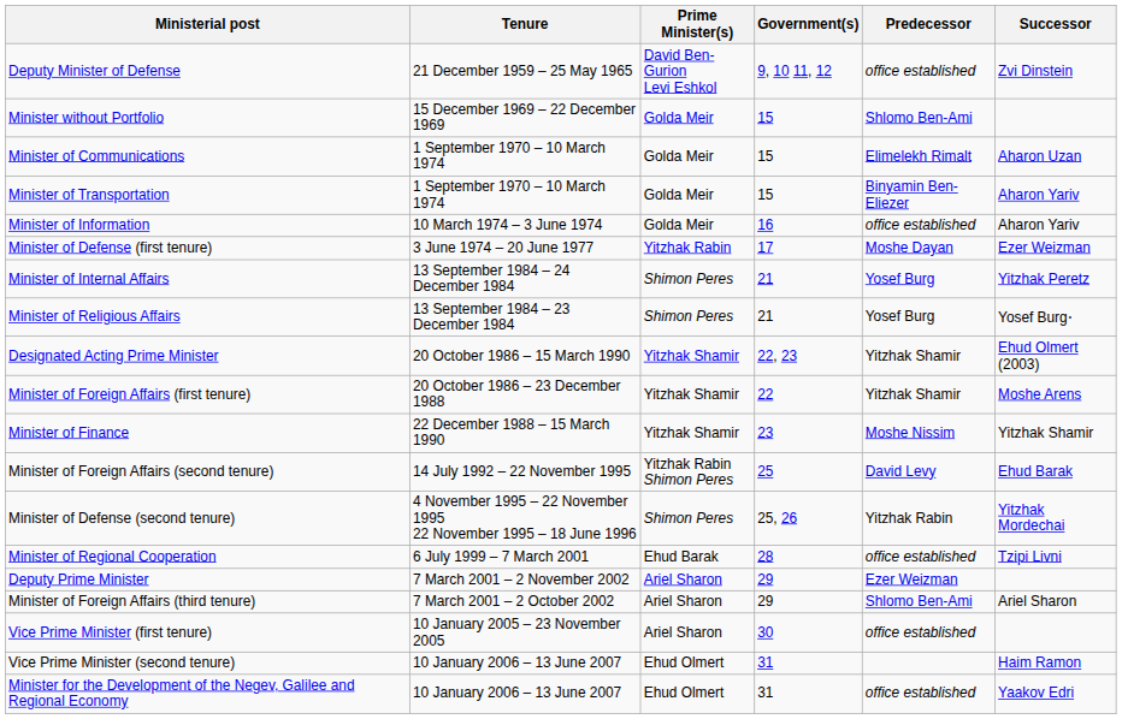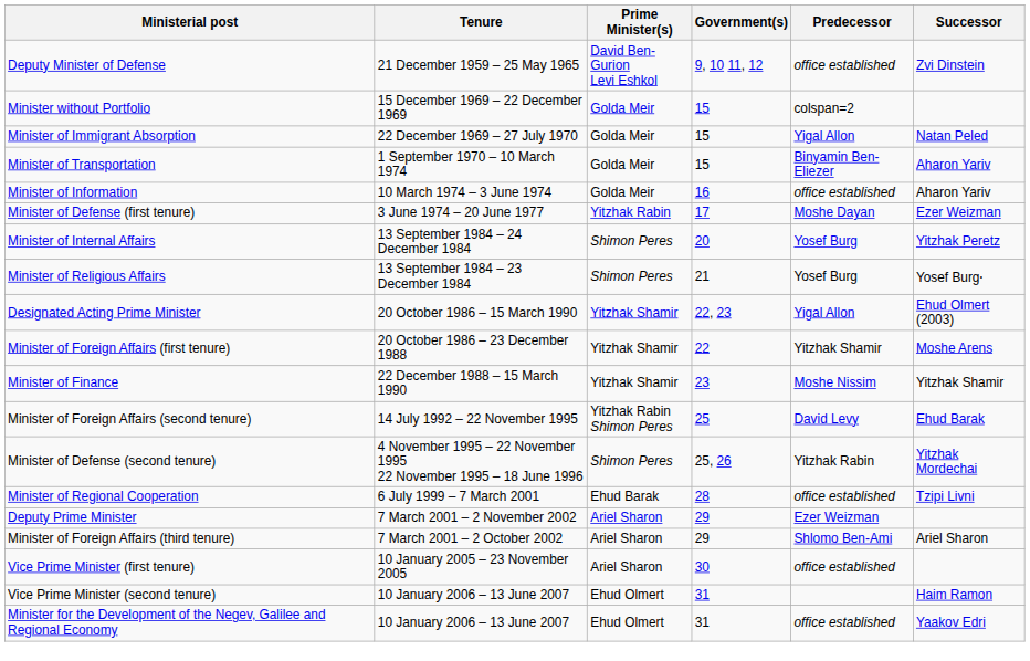 <table class="wikitable">
 <tr>
 <th>Ministerial post</th>
 <th>Tenure</th>
 <th>Prime Minister(s)</th>
 <th>Government(s)</th>
 <th>Predecessor</th>
 <th>Successor</th>
 </tr>
 <tr>
 <td><a href='#'>Deputy Minister of Defense</a></td>
 <td>21 December 1959 – 25 May 1965</td>
 <td><a href='#'>David Ben-Gurion</a> <br> <a href='#'>Levi Eshkol</a> </td>
 <td><a href='#'>9</a>, <a href='#'>10</a> <a href='#'>11</a>, <a href='#'>12</a></td>
 <td><em>office established</em></td>
 <td><a href='#'>Zvi Dinstein</a></td>
 </tr>
 <tr>
 <td><a href='#'>Minister without Portfolio</a></td>
 <td>15 December 1969 – 22 December 1969</td>
 <td><a href='#'>Golda Meir</a></td>
 <td><a href='#'>15</a></td>
-<td><a href='#'>Shlomo Ben-Ami</a></td>
+<td>colspan=2 </td>
 </tr>
 <tr>
-<td><a href='#'>Minister of Communications</a></td>
-<td>1 September 1970 – 10 March 1974</td>
+<td><a href='#'>Minister of Immigrant Absorption</a></td>
+<td>22 December 1969 – 27 July 1970</td>
 <td>Golda Meir</td>
 <td>15</td>
-<td><a href='#'>Elimelekh Rimalt</a></td>
-<td><a href='#'>Aharon Uzan</a></td>
+<td><a href='#'>Yigal Allon</a></td>
+<td><a href='#'>Natan Peled</a></td>
 </tr>
 <tr>
 <td><a href='#'>Minister of Transportation</a></td>
 <td>1 September 1970 – 10 March 1974</td>
 <td>Golda Meir</td>
 <td>15</td>
 <td><a href='#'>Binyamin Ben-Eliezer</a></td>
 <td><a href='#'>Aharon Yariv</a></td>
 </tr>
 <tr>
 <td><a href='#'>Minister of Information</a></td>
 <td>10 March 1974 – 3 June 1974</td>
 <td>Golda Meir</td>
 <td><a href='#'>16</a></td>
 <td><em>office established</em></td>
 <td>Aharon Yariv</td>
 </tr>
 <tr>
 <td><a href='#'>Minister of Defense</a> (first tenure)</td>
 <td>3 June 1974 – 20 June 1977</td>
 <td><a href='#'>Yitzhak Rabin</a></td>
 <td><a href='#'>17</a></td>
 <td><a href='#'>Moshe Dayan</a></td>
 <td><a href='#'>Ezer Weizman</a></td>
 </tr>
 <tr>
 <td><a href='#'>Minister of Internal Affairs</a></td>
 <td>13 September 1984 – 24 December 1984</td>
 <td><em>Shimon Peres</em></td>
-<td><a href='#'>21</a></td>
+<td><a href='#'>20</a></td>
 <td><a href='#'>Yosef Burg</a></td>
 <td><a href='#'>Yitzhak Peretz</a></td>
 </tr>
 <tr>
 <td><a href='#'>Minister of Religious Affairs</a></td>
 <td>13 September 1984 – 23 December 1984</td>
 <td><em>Shimon Peres</em></td>
 <td>21</td>
 <td>Yosef Burg</td>
 <td>Yosef Burg⋅</td>
 </tr>
 <tr>
 <td><a href='#'>Designated Acting Prime Minister</a></td>
 <td>20 October 1986 – 15 March 1990</td>
 <td><a href='#'>Yitzhak Shamir</a></td>
 <td><a href='#'>22</a>, <a href='#'>23</a></td>
-<td>Yitzhak Shamir</td>
+<td><a href='#'>Yigal Allon</a></td>
 <td><a href='#'>Ehud Olmert</a> (2003)</td>
 </tr>
 <tr>
 <td><a href='#'>Minister of Foreign Affairs</a> (first tenure)</td>
 <td>20 October 1986 – 23 December 1988</td>
 <td>Yitzhak Shamir</td>
 <td><a href='#'>22</a></td>
 <td>Yitzhak Shamir</td>
 <td><a href='#'>Moshe Arens</a></td>
 </tr>
 <tr>
 <td><a href='#'>Minister of Finance</a></td>
 <td>22 December 1988 – 15 March 1990</td>
 <td>Yitzhak Shamir</td>
 <td><a href='#'>23</a></td>
 <td><a href='#'>Moshe Nissim</a></td>
 <td>Yitzhak Shamir</td>
 </tr>
 <tr>
 <td>Minister of Foreign Affairs (second tenure)</td>
 <td>14 July 1992 – 22 November 1995</td>
 <td>Yitzhak Rabin <br><em>Shimon Peres</em> </td>
 <td><a href='#'>25</a></td>
 <td><a href='#'>David Levy</a></td>
 <td><a href='#'>Ehud Barak</a></td>
 </tr>
 <tr>
 <td>Minister of Defense (second tenure)</td>
 <td>4 November 1995 – 22 November 1995 <br>22 November 1995 – 18 June 1996 </td>
 <td><em>Shimon Peres</em> </td>
 <td>25, <a href='#'>26</a></td>
 <td>Yitzhak Rabin</td>
 <td><a href='#'>Yitzhak Mordechai</a></td>
 </tr>
 <tr>
 <td><a href='#'>Minister of Regional Cooperation</a></td>
 <td>6 July 1999 – 7 March 2001</td>
 <td>Ehud Barak</td>
 <td><a href='#'>28</a></td>
 <td><em>office established</em></td>
 <td><a href='#'>Tzipi Livni</a></td>
 </tr>
 <tr>
 <td><a href='#'>Deputy Prime Minister</a> </td>
 <td>7 March 2001 – 2 November 2002</td>
 <td><a href='#'>Ariel Sharon</a></td>
 <td><a href='#'>29</a></td>
 <td><a href='#'>Ezer Weizman</a></td>
 <td></td>
 </tr>
 <tr>
 <td>Minister of Foreign Affairs (third tenure)</td>
 <td>7 March 2001 – 2 October 2002</td>
 <td>Ariel Sharon</td>
 <td>29</td>
 <td><a href='#'>Shlomo Ben-Ami</a></td>
 <td>Ariel Sharon</td>
 </tr>
 <tr>
 <td><a href='#'>Vice Prime Minister</a> (first tenure)</td>
 <td>10 January 2005 – 23 November 2005</td>
 <td>Ariel Sharon</td>
 <td><a href='#'>30</a></td>
 <td><em>office established</em></td>
 <td></td>
 </tr>
 <tr>
 <td>Vice Prime Minister (second tenure)</td>
 <td>10 January 2006 – 13 June 2007</td>
 <td>Ehud Olmert</td>
 <td><a href='#'>31</a></td>
 <td></td>
 <td><a href='#'>Haim Ramon</a></td>
 </tr>
 <tr>
 <td><a href='#'>Minister for the Development of the Negev, Galilee and Regional Economy</a></td>
 <td>10 January 2006 – 13 June 2007</td>
 <td>Ehud Olmert</td>
 <td>31</td>
 <td><em>office established</em></td>
 <td><a href='#'>Yaakov Edri</a></td>
 </tr>
 </table>
